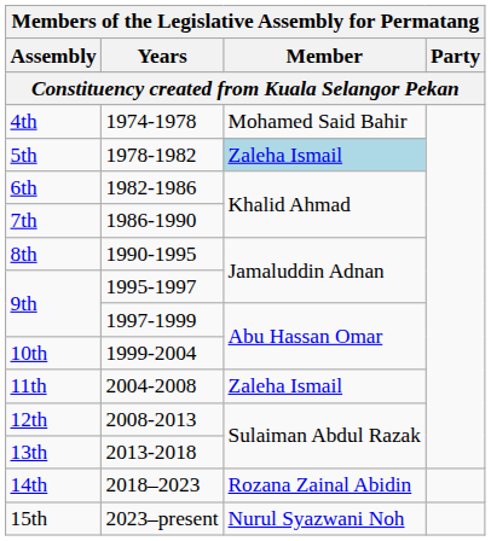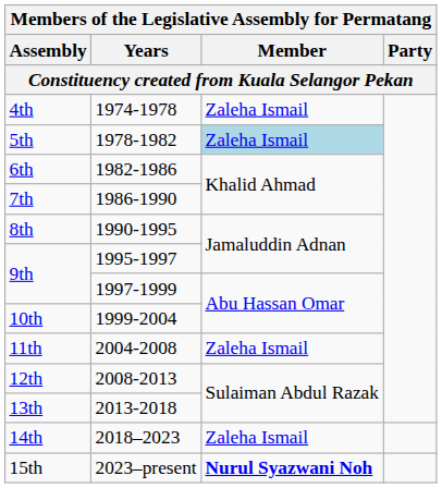 <table class=wikitable>
 <tr>
 <th colspan=4>Members of the Legislative Assembly for Permatang</th>
 </tr>
 <tr>
 <th>Assembly</th>
 <th>Years</th>
 <th>Member</th>
 <th>Party</th>
 </tr>
 <tr>
 <th colspan=4 align=center><em>Constituency created from Kuala Selangor Pekan</em></th>
 </tr>
 <tr>
 <td><a href='#'>4th</a></td>
 <td>1974-1978</td>
-<td>Mohamed Said Bahir</td>
+<td><a href='#'>Zaleha Ismail</a></td>
 <td rowspan=11></td>
 </tr>
 <tr>
 <td><a href='#'>5th</a></td>
 <td>1978-1982</td>
 <td style="background: lightblue;"><a href='#'>Zaleha Ismail</a></td>
 </tr>
 <tr>
 <td><a href='#'>6th</a></td>
 <td>1982-1986</td>
 <td rowspan=2>Khalid Ahmad</td>
 </tr>
 <tr>
 <td><a href='#'>7th</a></td>
 <td>1986-1990</td>
 </tr>
 <tr>
 <td><a href='#'>8th</a></td>
 <td>1990-1995</td>
 <td rowspan=2>Jamaluddin Adnan</td>
 </tr>
 <tr>
 <td rowspan=2><a href='#'>9th</a></td>
 <td>1995-1997</td>
 </tr>
 <tr>
 <td>1997-1999</td>
 <td rowspan=2><a href='#'>Abu Hassan Omar</a></td>
 </tr>
 <tr>
 <td><a href='#'>10th</a></td>
 <td>1999-2004</td>
 </tr>
 <tr>
 <td><a href='#'>11th</a></td>
 <td>2004-2008</td>
 <td><a href='#'>Zaleha Ismail</a></td>
 </tr>
 <tr>
 <td><a href='#'>12th</a></td>
 <td>2008-2013</td>
 <td rowspan=2>Sulaiman Abdul Razak</td>
 </tr>
 <tr>
 <td><a href='#'>13th</a></td>
 <td>2013-2018</td>
 </tr>
 <tr>
 <td><a href='#'>14th</a></td>
 <td>2018–2023</td>
-<td><a href='#'>Rozana Zainal Abidin</a></td>
+<td><a href='#'>Zaleha Ismail</a></td>
 <td></td>
 </tr>
 <tr>
 <td>15th</td>
 <td>2023–present</td>
-<td><a href='#'>Nurul Syazwani Noh</a></td>
+<td><strong><a href='#'>Nurul Syazwani Noh</a></strong></td>
 <td></td>
 </tr>
 </table>
